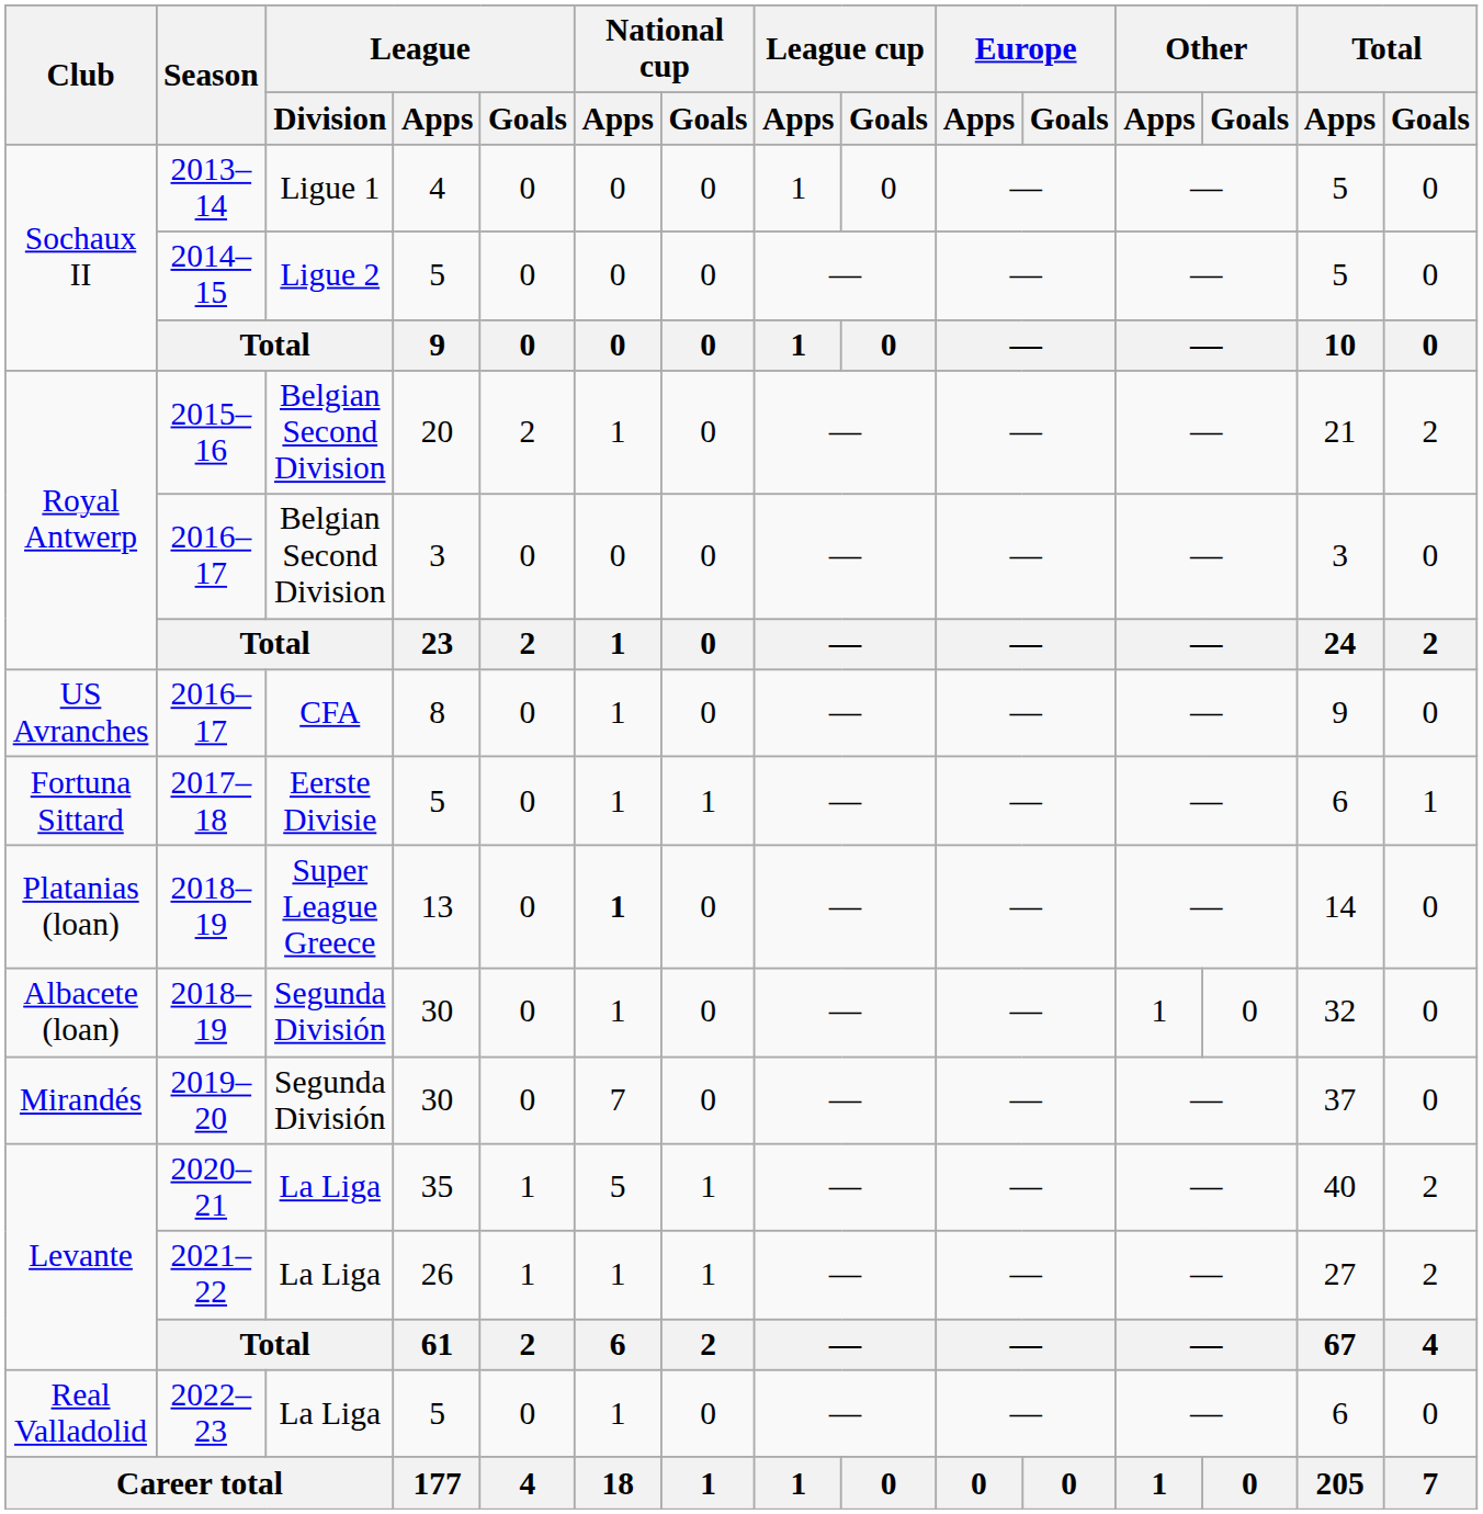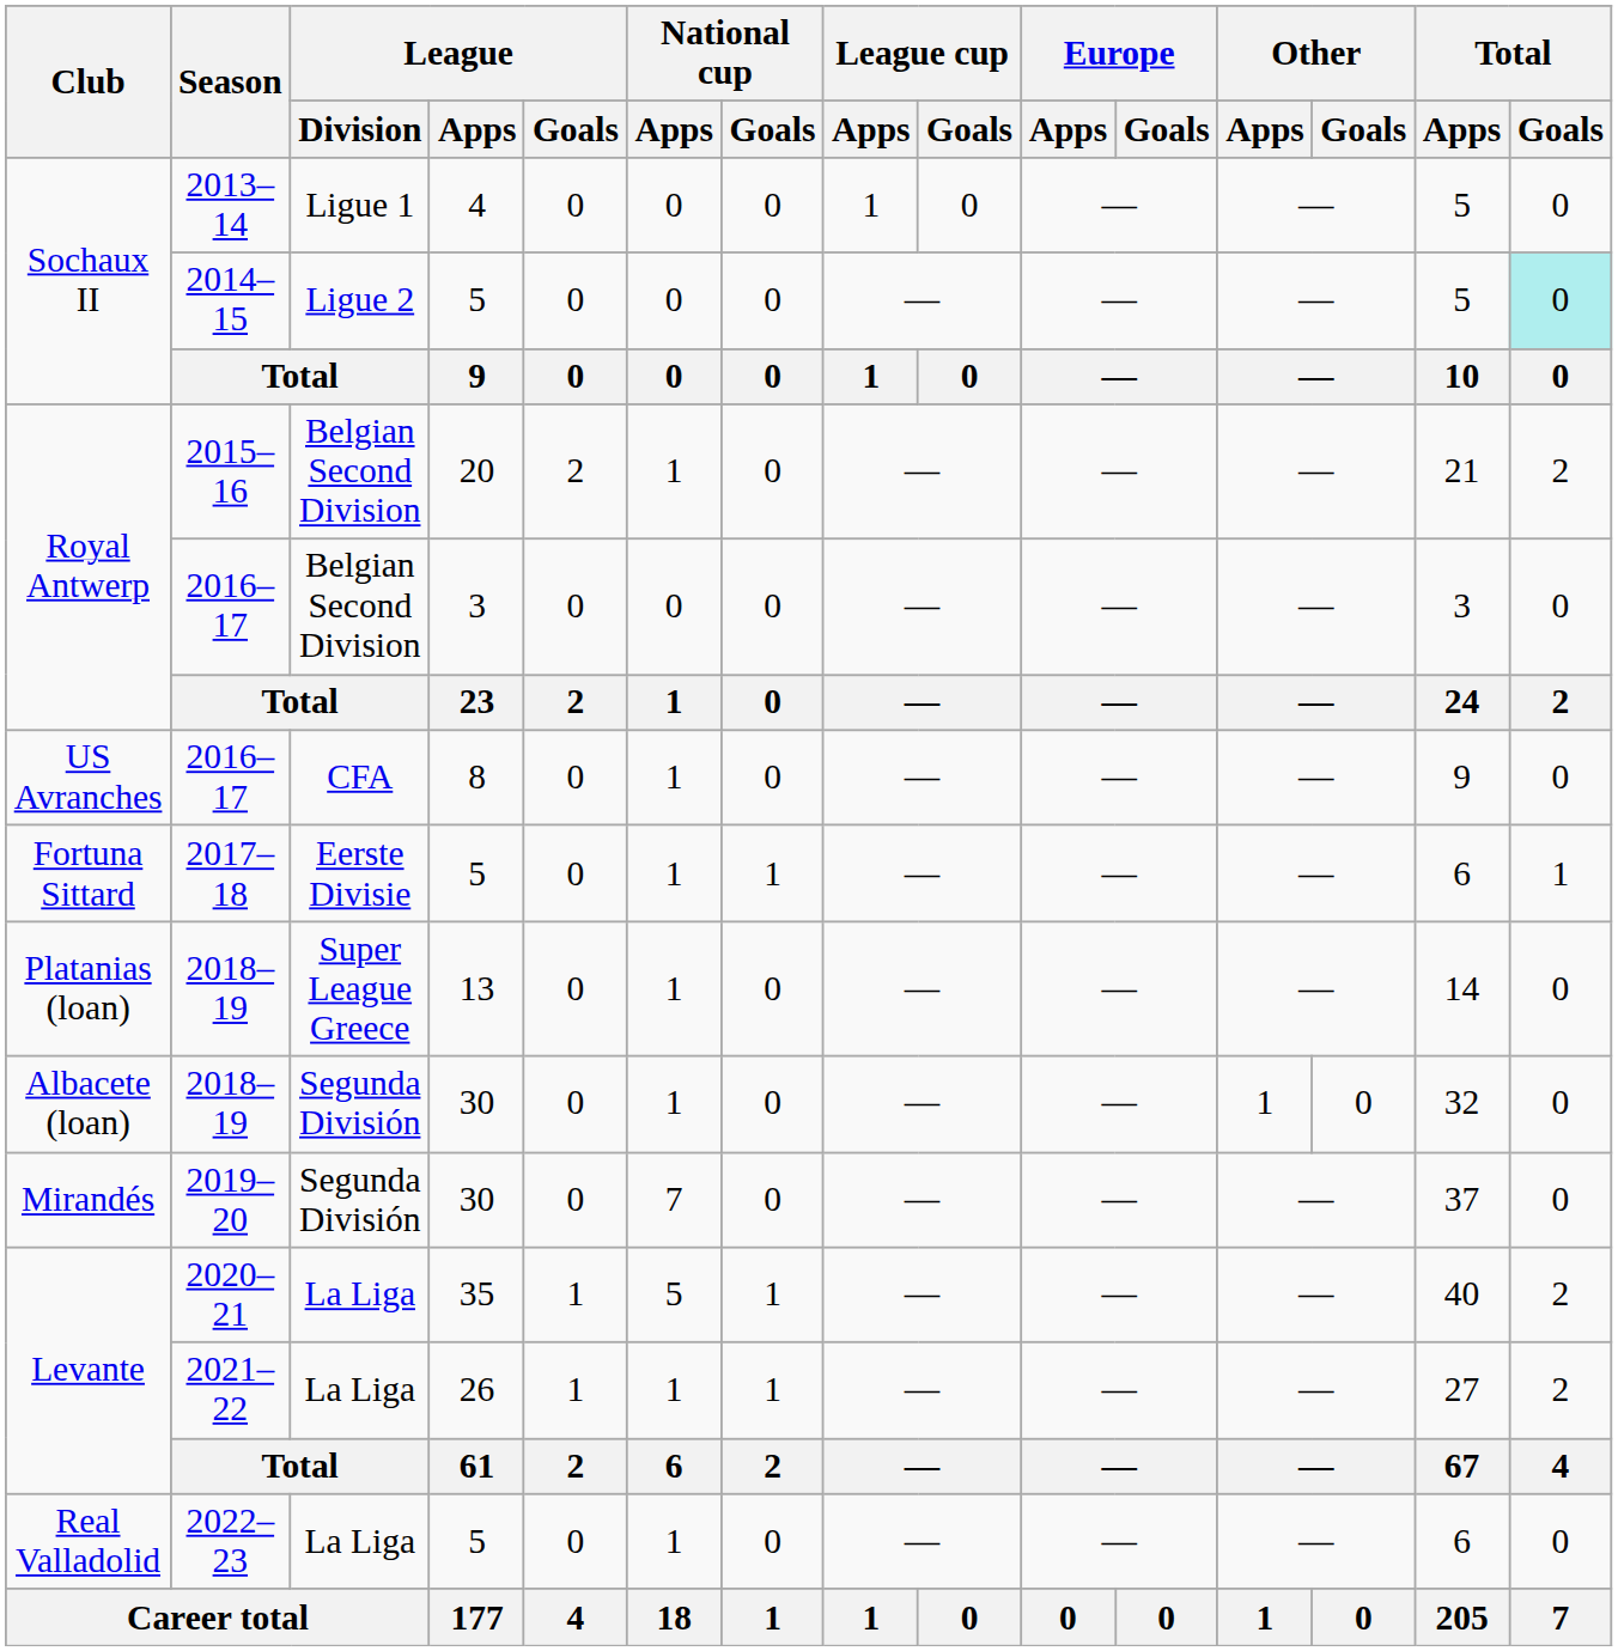 <table class="wikitable" style="text-align:center">
 <tr>
 <th rowspan="2">Club</th>
 <th rowspan="2">Season</th>
 <th colspan="3">League</th>
 <th colspan="2">National cup</th>
 <th colspan="2">League cup</th>
 <th colspan="2"><a href='#'>Europe</a></th>
 <th colspan="2">Other</th>
 <th colspan="2">Total</th>
 </tr>
 <tr>
 <th>Division</th>
 <th>Apps</th>
 <th>Goals</th>
 <th>Apps</th>
 <th>Goals</th>
 <th>Apps</th>
 <th>Goals</th>
 <th>Apps</th>
 <th>Goals</th>
 <th>Apps</th>
 <th>Goals</th>
 <th>Apps</th>
 <th>Goals</th>
 </tr>
 <tr>
 <td rowspan="3"><a href='#'>Sochaux</a> II</td>
 <td><a href='#'>2013–14</a></td>
 <td>Ligue 1</td>
 <td>4</td>
 <td>0</td>
 <td>0</td>
 <td>0</td>
 <td>1</td>
 <td>0</td>
 <td colspan="2">—</td>
 <td colspan="2">—</td>
 <td>5</td>
 <td>0</td>
 </tr>
 <tr>
 <td><a href='#'>2014–15</a></td>
 <td><a href='#'>Ligue 2</a></td>
 <td>5</td>
 <td>0</td>
 <td>0</td>
 <td>0</td>
 <td colspan="2">—</td>
 <td colspan="2">—</td>
 <td colspan="2">—</td>
 <td>5</td>
-<td>0</td>
+<td style="background: paleturquoise;">0</td>
 </tr>
 <tr>
 <th colspan="2">Total</th>
 <th>9</th>
 <th>0</th>
 <th>0</th>
 <th>0</th>
 <th>1</th>
 <th>0</th>
 <th colspan="2">—</th>
 <th colspan="2">—</th>
 <th>10</th>
 <th>0</th>
 </tr>
 <tr>
 <td rowspan="3"><a href='#'>Royal Antwerp</a></td>
 <td><a href='#'>2015–16</a></td>
 <td><a href='#'>Belgian Second Division</a></td>
 <td>20</td>
 <td>2</td>
 <td>1</td>
 <td>0</td>
 <td colspan="2">—</td>
 <td colspan="2">—</td>
 <td colspan="2">—</td>
 <td>21</td>
 <td>2</td>
 </tr>
 <tr>
 <td><a href='#'>2016–17</a></td>
 <td>Belgian Second Division</td>
 <td>3</td>
 <td>0</td>
 <td>0</td>
 <td>0</td>
 <td colspan="2">—</td>
 <td colspan="2">—</td>
 <td colspan="2">—</td>
 <td>3</td>
 <td>0</td>
 </tr>
 <tr>
 <th colspan="2">Total</th>
 <th>23</th>
 <th>2</th>
 <th>1</th>
 <th>0</th>
 <th colspan="2">—</th>
 <th colspan="2">—</th>
 <th colspan="2">—</th>
 <th>24</th>
 <th>2</th>
 </tr>
 <tr>
 <td><a href='#'>US Avranches</a></td>
 <td><a href='#'>2016–17</a></td>
 <td><a href='#'>CFA</a></td>
 <td>8</td>
 <td>0</td>
 <td>1</td>
 <td>0</td>
 <td colspan="2">—</td>
 <td colspan="2">—</td>
 <td colspan="2">—</td>
 <td>9</td>
 <td>0</td>
 </tr>
 <tr>
 <td><a href='#'>Fortuna Sittard</a></td>
 <td><a href='#'>2017–18</a></td>
 <td><a href='#'>Eerste Divisie</a></td>
 <td>5</td>
 <td>0</td>
 <td>1</td>
 <td>1</td>
 <td colspan="2">—</td>
 <td colspan="2">—</td>
 <td colspan="2">—</td>
 <td>6</td>
 <td>1</td>
 </tr>
 <tr>
 <td><a href='#'>Platanias</a> (loan)</td>
 <td><a href='#'>2018–19</a></td>
 <td><a href='#'>Super League Greece</a></td>
 <td>13</td>
 <td>0</td>
-<td><strong>1</strong></td>
+<td>1</td>
 <td>0</td>
 <td colspan="2">—</td>
 <td colspan="2">—</td>
 <td colspan="2">—</td>
 <td>14</td>
 <td>0</td>
 </tr>
 <tr>
 <td><a href='#'>Albacete</a> (loan)</td>
 <td><a href='#'>2018–19</a></td>
 <td><a href='#'>Segunda División</a></td>
 <td>30</td>
 <td>0</td>
 <td>1</td>
 <td>0</td>
 <td colspan="2">—</td>
 <td colspan="2">—</td>
 <td>1</td>
 <td>0</td>
 <td>32</td>
 <td>0</td>
 </tr>
 <tr>
 <td><a href='#'>Mirandés</a></td>
 <td><a href='#'>2019–20</a></td>
 <td>Segunda División</td>
 <td>30</td>
 <td>0</td>
 <td>7</td>
 <td>0</td>
 <td colspan="2">—</td>
 <td colspan="2">—</td>
 <td colspan="2">—</td>
 <td>37</td>
 <td>0</td>
 </tr>
 <tr>
 <td rowspan="3"><a href='#'>Levante</a></td>
 <td><a href='#'>2020–21</a></td>
 <td><a href='#'>La Liga</a></td>
 <td>35</td>
 <td>1</td>
 <td>5</td>
 <td>1</td>
 <td colspan="2">—</td>
 <td colspan="2">—</td>
 <td colspan="2">—</td>
 <td>40</td>
 <td>2</td>
 </tr>
 <tr>
 <td><a href='#'>2021–22</a></td>
 <td>La Liga</td>
 <td>26</td>
 <td>1</td>
 <td>1</td>
 <td>1</td>
 <td colspan="2">—</td>
 <td colspan="2">—</td>
 <td colspan="2">—</td>
 <td>27</td>
 <td>2</td>
 </tr>
 <tr>
 <th colspan="2">Total</th>
 <th>61</th>
 <th>2</th>
 <th>6</th>
 <th>2</th>
 <th colspan="2">—</th>
 <th colspan="2">—</th>
 <th colspan="2">—</th>
 <th>67</th>
 <th>4</th>
 </tr>
 <tr>
 <td><a href='#'>Real Valladolid</a></td>
 <td><a href='#'>2022–23</a></td>
 <td>La Liga</td>
 <td>5</td>
 <td>0</td>
 <td>1</td>
 <td>0</td>
 <td colspan="2">—</td>
 <td colspan="2">—</td>
 <td colspan="2">—</td>
 <td>6</td>
 <td>0</td>
 </tr>
 <tr>
 <th colspan="3">Career total</th>
 <th>177</th>
 <th>4</th>
 <th>18</th>
 <th>1</th>
 <th>1</th>
 <th>0</th>
 <th>0</th>
 <th>0</th>
 <th>1</th>
 <th>0</th>
 <th>205</th>
 <th>7</th>
 </tr>
 </table>
